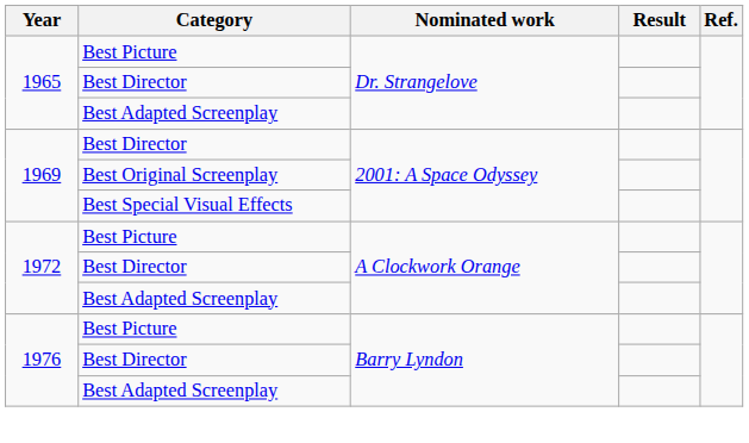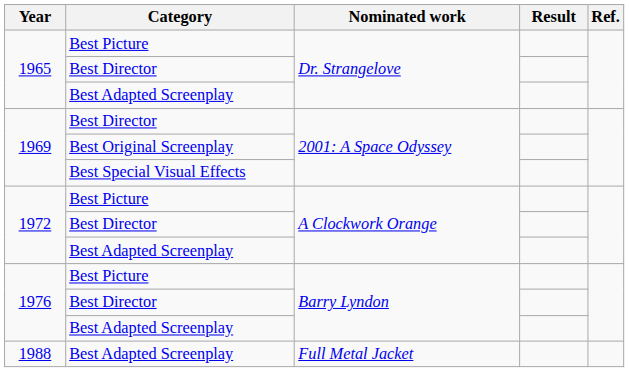 <table class=wikitable>
 <tr>
 <th scope="col" style="width:5em;">Year</th>
 <th scope="col" style="width:26em;">Category</th>
 <th scope="col" style="width:25em;">Nominated work</th>
 <th scope="col" style="width:5em;">Result</th>
 <th>Ref.</th>
 </tr>
 <tr>
 <td style="text-align:center;", rowspan=3><a href='#'>1965</a></td>
 <td><a href='#'>Best Picture</a></td>
 <td rowspan=3><em><a href='#'>Dr. Strangelove</a></em></td>
 <td></td>
 <td rowspan=3></td>
 </tr>
 <tr>
 <td><a href='#'>Best Director</a></td>
 <td></td>
 </tr>
 <tr>
 <td><a href='#'>Best Adapted Screenplay</a></td>
 <td></td>
 </tr>
 <tr>
 <td style="text-align:center;", rowspan=3><a href='#'>1969</a></td>
 <td><a href='#'>Best Director</a></td>
 <td rowspan=3><em><a href='#'>2001: A Space Odyssey</a></em></td>
 <td></td>
 <td rowspan=3></td>
 </tr>
 <tr>
 <td><a href='#'>Best Original Screenplay</a></td>
 <td></td>
 </tr>
 <tr>
 <td><a href='#'>Best Special Visual Effects</a></td>
 <td></td>
 </tr>
 <tr>
 <td style="text-align:center;", rowspan=3><a href='#'>1972</a></td>
 <td><a href='#'>Best Picture</a></td>
 <td rowspan=3><em><a href='#'>A Clockwork Orange</a></em></td>
 <td></td>
 <td rowspan=3></td>
 </tr>
 <tr>
 <td><a href='#'>Best Director</a></td>
 <td></td>
 </tr>
 <tr>
 <td><a href='#'>Best Adapted Screenplay</a></td>
 <td></td>
 </tr>
 <tr>
 <td style="text-align:center;", rowspan=3><a href='#'>1976</a></td>
 <td><a href='#'>Best Picture</a></td>
 <td rowspan=3><em><a href='#'>Barry Lyndon</a></em></td>
 <td></td>
 <td rowspan=3></td>
 </tr>
 <tr>
 <td><a href='#'>Best Director</a></td>
 <td></td>
 </tr>
 <tr>
 <td><a href='#'>Best Adapted Screenplay</a></td>
 <td></td>
 </tr>
+<tr>
+<td style="text-align:center;"><a href='#'>1988</a></td>
+<td><a href='#'>Best Adapted Screenplay</a></td>
+<td><em><a href='#'>Full Metal Jacket</a></em></td>
+<td></td>
+<td></td>
+</tr>
 </table>
